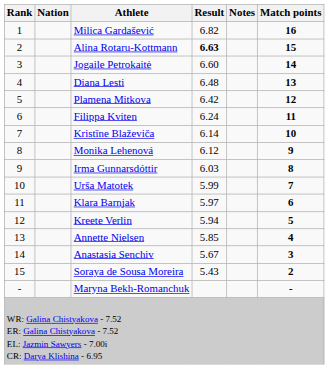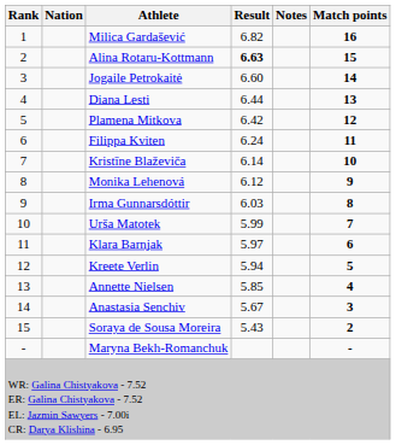 <table class="wikitable sortable" style="text-align:left;">
 <tr>
 <th>Rank</th>
 <th>Nation</th>
 <th>Athlete</th>
 <th>Result</th>
 <th>Notes</th>
 <th>Match points</th>
 </tr>
 <tr>
 <td align=center>1</td>
 <td></td>
 <td><a href='#'>Milica Gardašević</a></td>
 <td align=center>6.82</td>
 <td></td>
 <td align=center><strong>16</strong></td>
 </tr>
 <tr>
 <td align=center>2</td>
 <td></td>
 <td><a href='#'>Alina Rotaru-Kottmann</a></td>
 <td align=center><strong>6.63</strong></td>
 <td></td>
 <td align=center><strong>15</strong></td>
 </tr>
 <tr>
 <td align=center>3</td>
 <td></td>
 <td><a href='#'>Jogaile Petrokaitė</a></td>
 <td align=center>6.60</td>
 <td align=center></td>
 <td align=center><strong>14</strong></td>
 </tr>
 <tr>
 <td align=center>4</td>
 <td></td>
 <td><a href='#'>Diana Lesti</a></td>
-<td align=center>6.48</td>
+<td align=center>6.44</td>
 <td></td>
 <td align=center><strong>13</strong></td>
 </tr>
 <tr>
 <td align=center>5</td>
 <td></td>
 <td><a href='#'>Plamena Mitkova</a></td>
 <td align=center>6.42</td>
 <td></td>
 <td align=center><strong>12</strong></td>
 </tr>
 <tr>
 <td align=center>6</td>
 <td></td>
 <td><a href='#'>Filippa Kviten</a></td>
 <td align=center>6.24</td>
 <td></td>
 <td align=center><strong>11</strong></td>
 </tr>
 <tr>
 <td align=center>7</td>
 <td></td>
 <td><a href='#'>Kristīne Blaževiča</a></td>
 <td align=center>6.14</td>
 <td></td>
 <td align=center><strong>10</strong></td>
 </tr>
 <tr>
 <td align=center>8</td>
 <td></td>
 <td><a href='#'>Monika Lehenová</a></td>
 <td align=center>6.12</td>
 <td></td>
 <td align=center><strong>9</strong></td>
 </tr>
 <tr>
 <td align=center>9</td>
 <td></td>
 <td><a href='#'>Irma Gunnarsdóttir</a></td>
 <td align=center>6.03</td>
 <td></td>
 <td align=center><strong>8</strong></td>
 </tr>
 <tr>
 <td align=center>10</td>
 <td></td>
 <td><a href='#'>Urša Matotek</a></td>
 <td align=center>5.99</td>
 <td></td>
 <td align=center><strong>7</strong></td>
 </tr>
 <tr>
 <td align=center>11</td>
 <td></td>
 <td><a href='#'>Klara Barnjak</a></td>
 <td align=center>5.97</td>
 <td></td>
 <td align=center><strong>6</strong></td>
 </tr>
 <tr>
 <td align=center>12</td>
 <td></td>
 <td><a href='#'>Kreete Verlin</a></td>
 <td align=center>5.94</td>
 <td align=center></td>
 <td align=center><strong>5</strong></td>
 </tr>
 <tr>
 <td align=center>13</td>
 <td></td>
 <td><a href='#'>Annette Nielsen</a></td>
 <td align=center>5.85</td>
 <td></td>
 <td align=center><strong>4</strong></td>
 </tr>
 <tr>
 <td align=center>14</td>
 <td></td>
 <td><a href='#'>Anastasia Senchiv</a></td>
 <td align=center>5.67</td>
 <td align=center></td>
 <td align=center><strong>3</strong></td>
 </tr>
 <tr>
 <td align=center>15</td>
 <td></td>
 <td><a href='#'>Soraya de Sousa Moreira</a></td>
 <td align=center>5.43</td>
 <td></td>
 <td align=center><strong>2</strong></td>
 </tr>
 <tr>
 <td align=center>-</td>
 <td></td>
 <td><a href='#'>Maryna Bekh-Romanchuk</a></td>
 <td align=center></td>
 <td></td>
 <td align=center><strong>-</strong></td>
 </tr>
 <tr>
 <td colspan="6" bgcolor="#cccccc"><br> <small>WR:  <a href='#'>Galina Chistyakova</a> - 7.52<br>ER:  <a href='#'>Galina Chistyakova</a> - 7.52<br></small> <small>EL:   <a href='#'>Jazmin Sawyers</a> - 7.00i<br>CR:  <a href='#'>Darya Klishina</a> - 6.95</small></td>
 </tr>
 </table>
